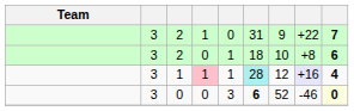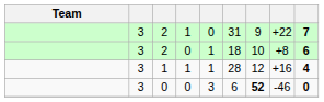 <table class="wikitable" style="text-align: center;">
 <tr>
 <th width=165>Team</th>
 <th width=25></th>
 <th width=25></th>
 <th width=25></th>
 <th width=25></th>
 <th width=25></th>
 <th width=25></th>
 <th width=25></th>
 <th width=25></th>
 </tr>
 <tr style="background:#ccffcc">
 <td style="text-align:left;"></td>
 <td>3</td>
 <td>2</td>
 <td>1</td>
 <td>0</td>
 <td>31</td>
 <td>9</td>
 <td>+22</td>
 <td><strong>7</strong></td>
 </tr>
 <tr style="background:#ccffcc">
 <td style="text-align:left;"></td>
 <td>3</td>
 <td>2</td>
 <td>0</td>
 <td>1</td>
 <td>18</td>
 <td>10</td>
 <td>+8</td>
 <td><strong>6</strong></td>
 </tr>
 <tr>
 <td style="text-align:left;"></td>
 <td>3</td>
 <td>1</td>
-<td style="background: pink;">1</td>
 <td>1</td>
-<td style="background: paleturquoise;">28</td>
+<td>1</td>
+<td>28</td>
 <td>12</td>
-<td style="background: lavender;">+16</td>
+<td>+16</td>
 <td><strong>4</strong></td>
 </tr>
 <tr>
 <td style="text-align:left;"></td>
 <td>3</td>
 <td>0</td>
 <td>0</td>
 <td>3</td>
-<td><strong>6</strong></td>
-<td>52</td>
+<td>6</td>
+<td><strong>52</strong></td>
 <td>-46</td>
-<td style="background: lightyellow;"><strong>0</strong></td>
+<td><strong>0</strong></td>
 </tr>
 <tr>
 </tr>
 </table>
